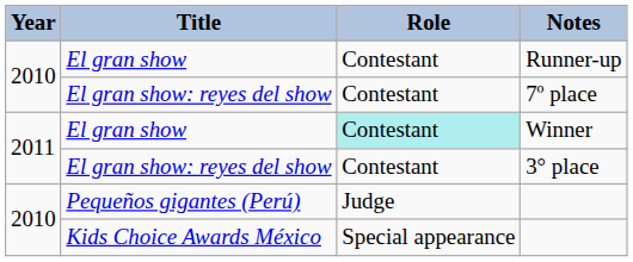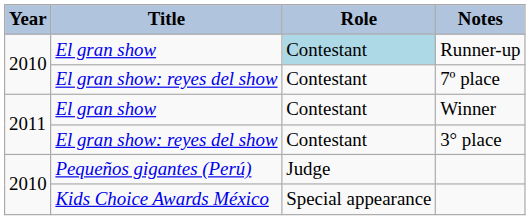 <table class="wikitable">
 <tr>
 <th style="background:#B0C4DE;">Year</th>
 <th style="background:#B0C4DE;">Title</th>
 <th style="background:#B0C4DE;">Role</th>
 <th style="background:#B0C4DE;">Notes</th>
 </tr>
 <tr>
 <td rowspan=2>2010</td>
 <td><em><a href='#'>El gran show</a></em></td>
-<td>Contestant</td>
+<td style="background: lightblue;">Contestant</td>
 <td>Runner-up</td>
 </tr>
 <tr>
 <td><em><a href='#'>El gran show: reyes del show</a></em></td>
 <td>Contestant</td>
 <td>7º place</td>
 </tr>
 <tr>
 <td rowspan=2>2011</td>
 <td><em><a href='#'>El gran show</a></em></td>
-<td style="background: paleturquoise;">Contestant</td>
+<td>Contestant</td>
 <td>Winner</td>
 </tr>
 <tr>
 <td><em><a href='#'>El gran show: reyes del show</a></em></td>
 <td>Contestant</td>
 <td>3° place</td>
 </tr>
 <tr>
 <td rowspan=2>2010</td>
 <td><em><a href='#'>Pequeños gigantes (Perú)</a></em></td>
 <td>Judge</td>
 <td></td>
 </tr>
 <tr>
 <td><em><a href='#'>Kids Choice Awards México</a></em></td>
 <td>Special appearance</td>
 <td></td>
 </tr>
 </table>
